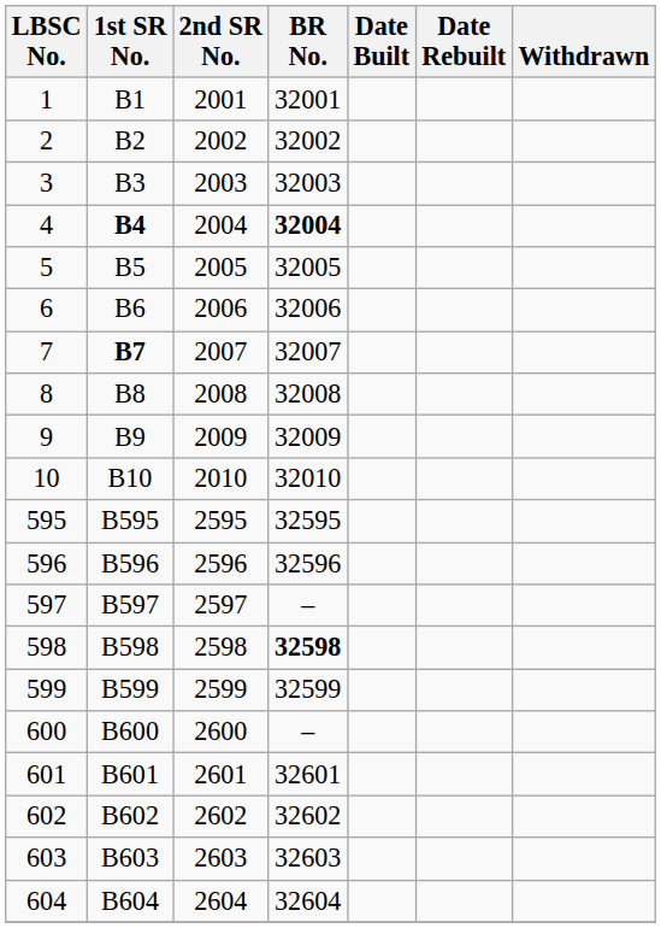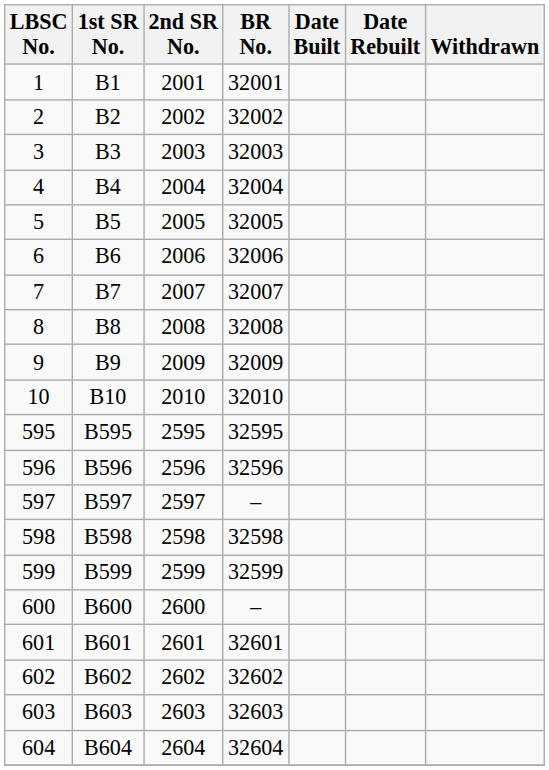 <table class="wikitable sortable collapsible collapsed" style=text-align:center>
 <tr>
 <th>LBSC<br>No.</th>
 <th>1st SR<br>No.</th>
 <th>2nd SR<br>No.</th>
 <th>BR<br>No.</th>
 <th>Date<br>Built</th>
 <th>Date<br>Rebuilt</th>
 <th><br>Withdrawn</th>
 </tr>
 <tr>
 <td>1</td>
 <td>B1</td>
 <td>2001</td>
 <td>32001</td>
 <td></td>
 <td></td>
 <td></td>
 </tr>
 <tr>
 <td>2</td>
 <td>B2</td>
 <td>2002</td>
 <td>32002</td>
 <td></td>
 <td></td>
 <td></td>
 </tr>
 <tr>
 <td>3</td>
 <td>B3</td>
 <td>2003</td>
 <td>32003</td>
 <td></td>
 <td></td>
 <td></td>
 </tr>
 <tr>
 <td>4</td>
-<td><strong>B4</strong></td>
+<td>B4</td>
 <td>2004</td>
-<td><strong>32004</strong></td>
+<td>32004</td>
 <td></td>
 <td></td>
 <td></td>
 </tr>
 <tr>
 <td>5</td>
 <td>B5</td>
 <td>2005</td>
 <td>32005</td>
 <td></td>
 <td></td>
 <td></td>
 </tr>
 <tr>
 <td>6</td>
 <td>B6</td>
 <td>2006</td>
 <td>32006</td>
 <td></td>
 <td></td>
 <td></td>
 </tr>
 <tr>
 <td>7</td>
-<td><strong>B7</strong></td>
+<td>B7</td>
 <td>2007</td>
 <td>32007</td>
 <td></td>
 <td></td>
 <td></td>
 </tr>
 <tr>
 <td>8</td>
 <td>B8</td>
 <td>2008</td>
 <td>32008</td>
 <td></td>
 <td></td>
 <td></td>
 </tr>
 <tr>
 <td>9</td>
 <td>B9</td>
 <td>2009</td>
 <td>32009</td>
 <td></td>
 <td></td>
 <td></td>
 </tr>
 <tr>
 <td>10</td>
 <td>B10</td>
 <td>2010</td>
 <td>32010</td>
 <td></td>
 <td></td>
 <td></td>
 </tr>
 <tr>
 <td>595</td>
 <td>B595</td>
 <td>2595</td>
 <td>32595</td>
 <td></td>
 <td></td>
 <td></td>
 </tr>
 <tr>
 <td>596</td>
 <td>B596</td>
 <td>2596</td>
 <td>32596</td>
 <td></td>
 <td></td>
 <td></td>
 </tr>
 <tr>
 <td>597</td>
 <td>B597</td>
 <td>2597</td>
 <td>–</td>
 <td></td>
 <td></td>
 <td></td>
 </tr>
 <tr>
 <td>598</td>
 <td>B598</td>
 <td>2598</td>
-<td><strong>32598</strong></td>
+<td>32598</td>
 <td></td>
 <td></td>
 <td></td>
 </tr>
 <tr>
 <td>599</td>
 <td>B599</td>
 <td>2599</td>
 <td>32599</td>
 <td></td>
 <td></td>
 <td></td>
 </tr>
 <tr>
 <td>600</td>
 <td>B600</td>
 <td>2600</td>
 <td>–</td>
 <td></td>
 <td></td>
 <td></td>
 </tr>
 <tr>
 <td>601</td>
 <td>B601</td>
 <td>2601</td>
 <td>32601</td>
 <td></td>
 <td></td>
 <td></td>
 </tr>
 <tr>
 <td>602</td>
 <td>B602</td>
 <td>2602</td>
 <td>32602</td>
 <td></td>
 <td></td>
 <td></td>
 </tr>
 <tr>
 <td>603</td>
 <td>B603</td>
 <td>2603</td>
 <td>32603</td>
 <td></td>
 <td></td>
 <td></td>
 </tr>
 <tr>
 <td>604</td>
 <td>B604</td>
 <td>2604</td>
 <td>32604</td>
 <td></td>
 <td></td>
 <td></td>
 </tr>
 <tr>
 </tr>
 </table>
